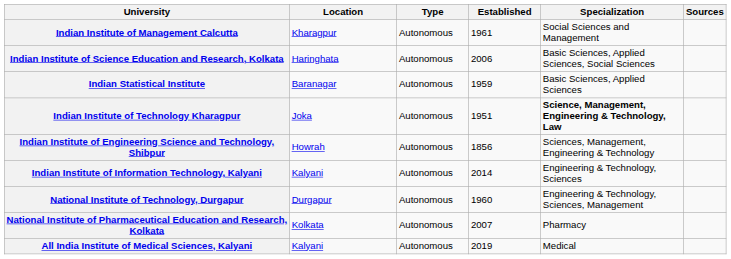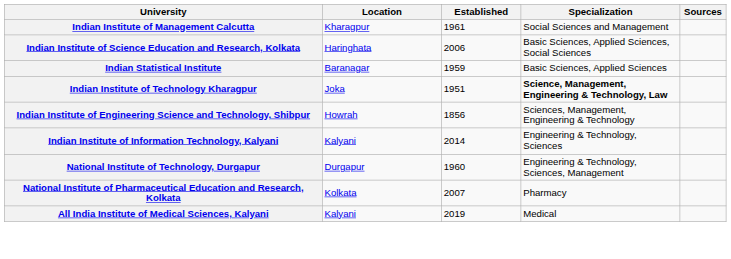 <table class="wikitable sortable collapsible plainrowheaders" style="-align:left; width:76%;">
 <tr>
 <th scope="col" style="width: 40%;">University</th>
 <th scope="col" style="width: 15%;">Location</th>
-<th scope="col" style="width: 10%;">Type</th>
 <th scope="col" style="width: 10%;">Established</th>
 <th scope="col" style="width: 20%;">Specialization</th>
 <th scope="col" style="width: 05%;">Sources</th>
 </tr>
 <tr>
 <th scope="row"><a href='#'>Indian Institute of Management Calcutta</a></th>
 <td><a href='#'>Kharagpur</a></td>
-<td>Autonomous</td>
 <td>1961</td>
 <td>Social Sciences and Management</td>
 <td></td>
 </tr>
 <tr>
 <th scope="row"><a href='#'>Indian Institute of Science Education and Research, Kolkata</a></th>
 <td><a href='#'>Haringhata</a></td>
-<td>Autonomous</td>
 <td>2006</td>
 <td>Basic Sciences, Applied Sciences, Social Sciences</td>
 <td></td>
 </tr>
 <tr>
 <th scope="row"><a href='#'>Indian Statistical Institute</a></th>
 <td><a href='#'>Baranagar</a></td>
-<td>Autonomous</td>
 <td>1959</td>
 <td>Basic Sciences, Applied Sciences</td>
 <td></td>
 </tr>
 <tr>
 <th scope="row"><a href='#'>Indian Institute of Technology Kharagpur</a></th>
 <td><a href='#'>Joka</a></td>
-<td>Autonomous</td>
 <td>1951</td>
 <td><strong>Science, Management, Engineering & Technology, Law</strong></td>
 <td></td>
 </tr>
 <tr>
 <th scope="row"><a href='#'>Indian Institute of Engineering Science and Technology, Shibpur</a></th>
 <td><a href='#'>Howrah</a></td>
-<td>Autonomous</td>
 <td>1856</td>
 <td>Sciences, Management, Engineering & Technology</td>
 <td></td>
 </tr>
 <tr>
 <th scope="row"><a href='#'>Indian Institute of Information Technology, Kalyani</a></th>
 <td><a href='#'>Kalyani</a></td>
-<td>Autonomous</td>
 <td>2014</td>
 <td>Engineering & Technology, Sciences</td>
 <td></td>
 </tr>
 <tr>
 <th scope="row"><a href='#'>National Institute of Technology, Durgapur</a></th>
 <td><a href='#'>Durgapur</a></td>
-<td>Autonomous</td>
 <td>1960</td>
 <td>Engineering & Technology, Sciences, Management</td>
 <td></td>
 </tr>
 <tr>
 <th scope="row"><a href='#'>National Institute of Pharmaceutical Education and Research, Kolkata</a></th>
 <td><a href='#'>Kolkata</a></td>
-<td>Autonomous</td>
 <td>2007</td>
 <td>Pharmacy</td>
 <td></td>
 </tr>
 <tr>
 <th scope="row"><a href='#'>All India Institute of Medical Sciences, Kalyani</a></th>
 <td><a href='#'>Kalyani</a></td>
-<td>Autonomous</td>
 <td>2019</td>
 <td>Medical</td>
 <td></td>
 </tr>
 </table>
